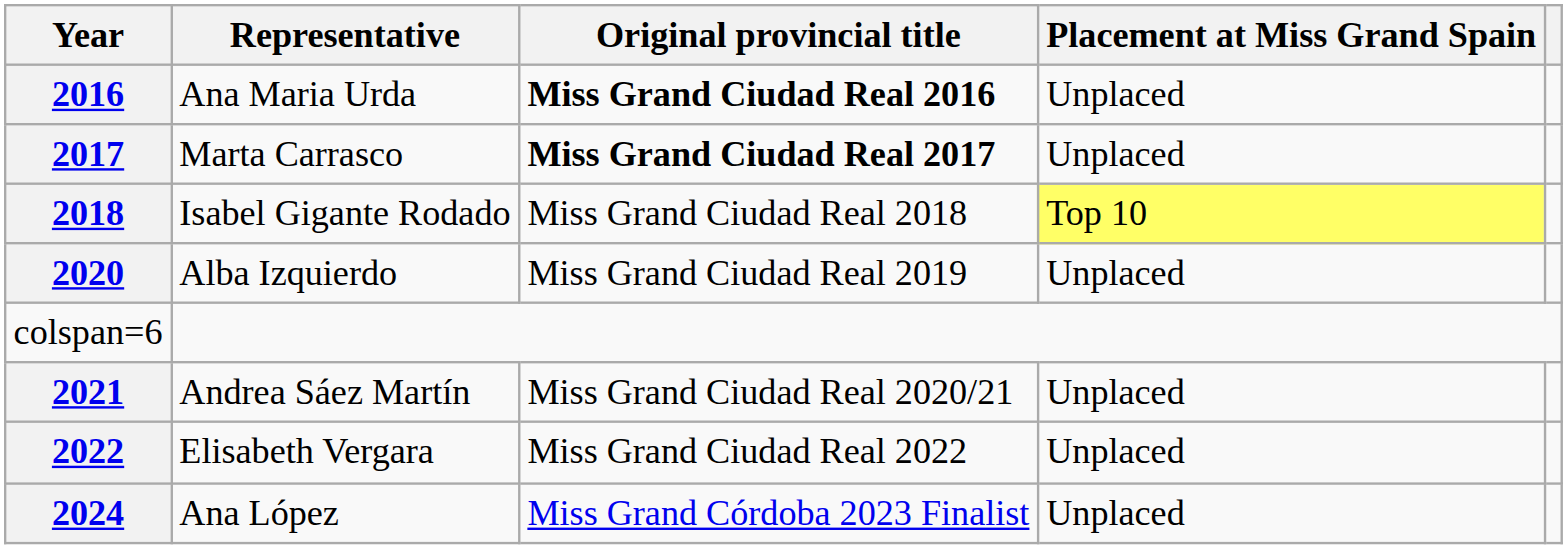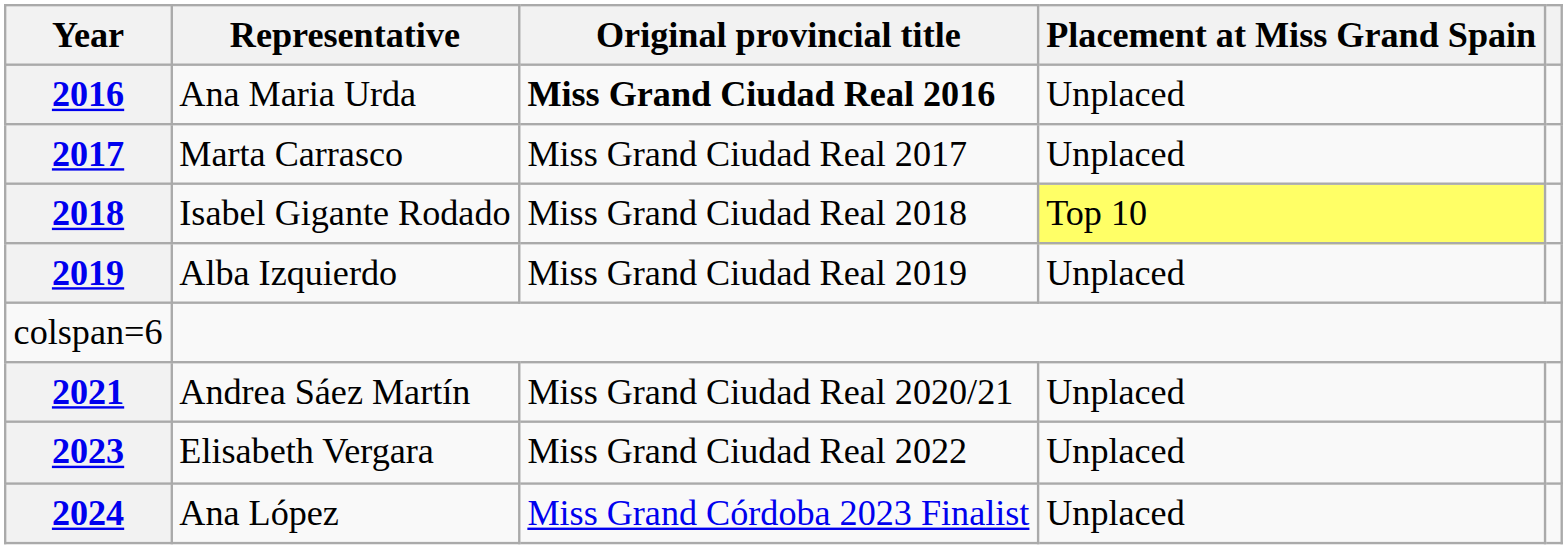 <table class="wikitable defaultcenter col2left" style="font-size:95%;">
 <tr>
 <th>Year</th>
 <th>Representative</th>
 <th>Original provincial title</th>
 <th>Placement at Miss Grand Spain</th>
 <th></th>
 </tr>
 <tr>
 <th><a href='#'>2016</a></th>
 <td>Ana Maria Urda</td>
 <td><strong>Miss Grand Ciudad Real 2016</strong></td>
 <td>Unplaced</td>
 <td></td>
 </tr>
 <tr>
 <th><a href='#'>2017</a></th>
 <td>Marta Carrasco</td>
-<td><strong>Miss Grand Ciudad Real 2017</strong></td>
+<td>Miss Grand Ciudad Real 2017</td>
 <td>Unplaced</td>
 <td></td>
 </tr>
 <tr>
 <th><a href='#'>2018</a></th>
 <td>Isabel Gigante Rodado</td>
 <td>Miss Grand Ciudad Real 2018</td>
 <td bgcolor=#FFFF66>Top 10</td>
 <td></td>
 </tr>
 <tr>
-<th><a href='#'>2020</a></th>
+<th><a href='#'>2019</a></th>
 <td>Alba Izquierdo</td>
 <td>Miss Grand Ciudad Real 2019</td>
 <td>Unplaced</td>
 <td></td>
 </tr>
 <tr>
 <td>colspan=6 </td>
 </tr>
 <tr>
 <th><a href='#'>2021</a></th>
 <td>Andrea Sáez Martín</td>
 <td>Miss Grand Ciudad Real 2020/21</td>
 <td>Unplaced</td>
 <td></td>
 </tr>
 <tr>
-<th><a href='#'>2022</a></th>
+<th><a href='#'>2023</a></th>
 <td>Elisabeth Vergara</td>
 <td>Miss Grand Ciudad Real 2022</td>
 <td>Unplaced</td>
 <td></td>
 </tr>
 <tr>
 <th><a href='#'>2024</a></th>
 <td>Ana López</td>
 <td><a href='#'>Miss Grand Córdoba 2023 Finalist</a></td>
 <td>Unplaced</td>
 <td></td>
 </tr>
 </table>
